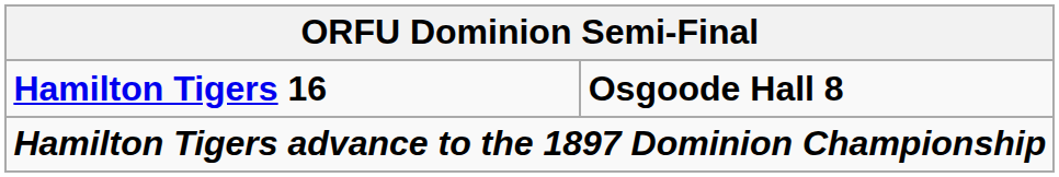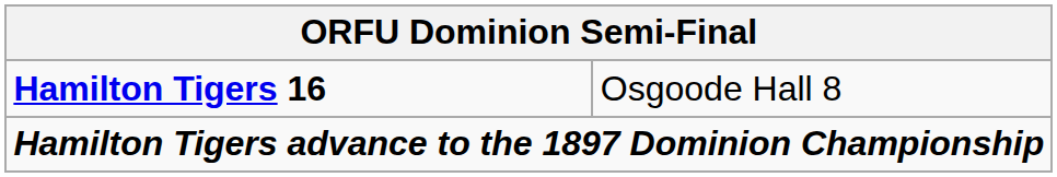 <table class="wikitable">
 <tr>
 <th colspan="2" bgcolor="#DDDDDD"><strong>ORFU Dominion Semi-Final</strong></th>
 </tr>
 <tr>
 <td><strong><a href='#'>Hamilton Tigers</a> 16</strong></td>
-<td><strong>Osgoode Hall 8</strong></td>
+<td>Osgoode Hall 8</td>
 </tr>
 <tr>
 <td colspan="2" align="center"><strong><em>Hamilton Tigers advance to the 1897 Dominion Championship</em></strong></td>
 </tr>
 </table>
